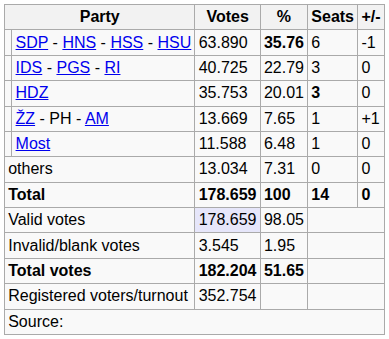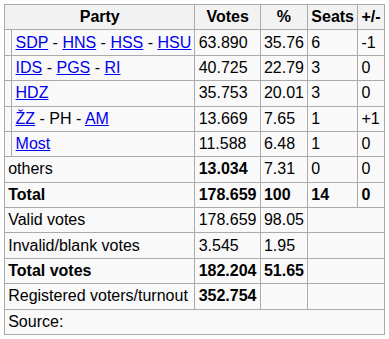 <table class="wikitable" style="text-align: left;">
 <tr>
 <th colspan="2">Party</th>
 <th>Votes</th>
 <th>%</th>
 <th>Seats</th>
 <th>+/-</th>
 </tr>
 <tr>
 <td style="background-color: "></td>
 <td><a href='#'>SDP</a> - <a href='#'>HNS</a> - <a href='#'>HSS</a> - <a href='#'>HSU</a></td>
 <td>63.890</td>
-<td><strong>35.76</strong></td>
+<td>35.76</td>
 <td>6</td>
 <td>-1</td>
 </tr>
 <tr>
 <td style="background-color: "></td>
 <td><a href='#'>IDS</a> - <a href='#'>PGS</a> - <a href='#'>RI</a></td>
 <td>40.725</td>
 <td>22.79</td>
 <td>3</td>
 <td>0</td>
 </tr>
 <tr>
 <td style="background-color: "></td>
 <td><a href='#'>HDZ</a></td>
 <td>35.753</td>
 <td>20.01</td>
-<td><strong>3</strong></td>
+<td>3</td>
 <td>0</td>
 </tr>
 <tr>
 <td style="background-color: "></td>
 <td><a href='#'>ŽZ</a> - PH - <a href='#'>AM</a></td>
 <td>13.669</td>
 <td>7.65</td>
 <td>1</td>
 <td>+1</td>
 </tr>
 <tr>
 <td style="background-color: "></td>
 <td><a href='#'>Most</a></td>
 <td>11.588</td>
 <td>6.48</td>
 <td>1</td>
 <td>0</td>
 </tr>
 <tr>
 <td colspan="2">others</td>
-<td>13.034</td>
+<td><strong>13.034</strong></td>
 <td>7.31</td>
 <td>0</td>
 <td>0</td>
 </tr>
 <tr>
 <td colspan="2"><strong>Total</strong></td>
 <td><strong>178.659</strong></td>
 <td><strong>100</strong></td>
 <td><strong>14</strong></td>
 <td><strong>0</strong></td>
 </tr>
 <tr>
 <td colspan="2">Valid votes</td>
-<td style="background: lavender;">178.659</td>
+<td>178.659</td>
 <td>98.05</td>
 <td colspan="2"></td>
 </tr>
 <tr>
 <td colspan="2">Invalid/blank votes</td>
 <td>3.545</td>
 <td>1.95</td>
 <td colspan="2"></td>
 </tr>
 <tr>
 <td colspan="2"><strong>Total votes</strong></td>
 <td><strong>182.204</strong></td>
 <td><strong>51.65</strong></td>
 <td colspan="2"></td>
 </tr>
 <tr>
 <td colspan="2">Registered voters/turnout</td>
-<td votes14="5343">352.754</td>
+<td votes14="5343"><strong>352.754</strong></td>
 <td></td>
 <td colspan="2"></td>
 </tr>
 <tr>
 <td colspan="6">Source: </td>
 </tr>
 </table>
